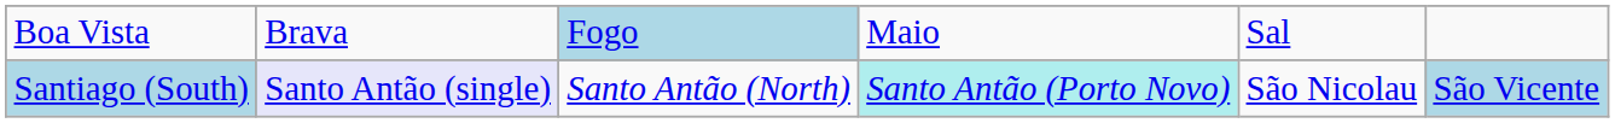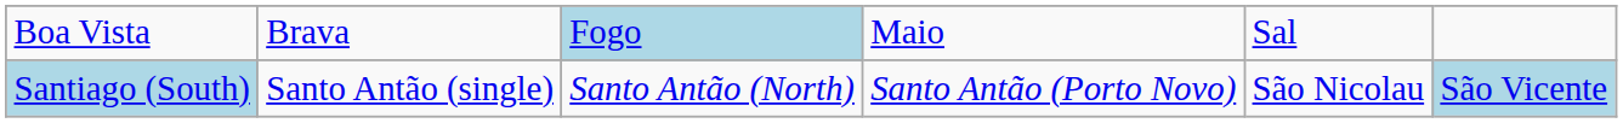 <table class="wikitable">
 <tr>
 <td><a href='#'>Boa Vista</a></td>
 <td><a href='#'>Brava</a></td>
 <td bgcolor=lightblue><a href='#'>Fogo</a></td>
 <td><a href='#'>Maio</a></td>
 <td><a href='#'>Sal</a></td>
 <td></td>
 </tr>
 <tr>
 <td bgcolor=lightblue><a href='#'>Santiago (South)</a></td>
-<td style="background: lavender;"><a href='#'>Santo Antão (single)</a></td>
+<td><a href='#'>Santo Antão (single)</a></td>
 <td><em><a href='#'>Santo Antão (North)</a></em></td>
-<td style="background: paleturquoise;"><em><a href='#'>Santo Antão (Porto Novo)</a></em></td>
+<td><em><a href='#'>Santo Antão (Porto Novo)</a></em></td>
 <td><a href='#'>São Nicolau</a></td>
 <td bgcolor=lightblue><a href='#'>São Vicente</a></td>
 </tr>
 </table>
